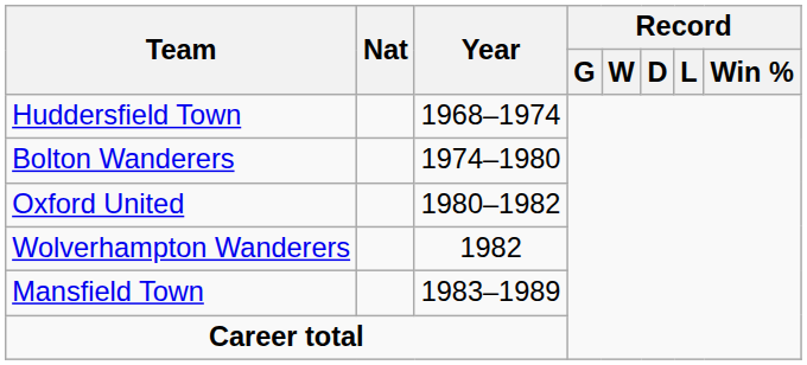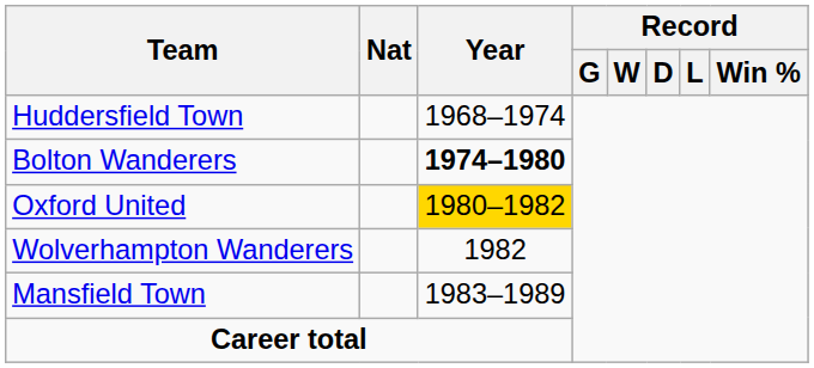 <table class="wikitable" style="text-align: center">
 <tr>
 <th rowspan="2">Team</th>
 <th rowspan="2">Nat</th>
 <th rowspan="2">Year</th>
 <th colspan="5">Record</th>
 </tr>
 <tr>
 <th>G</th>
 <th>W</th>
 <th>D</th>
 <th>L</th>
 <th>Win %</th>
 </tr>
 <tr>
 <td align="left"><a href='#'>Huddersfield Town</a></td>
 <td></td>
 <td>1968–1974<br></td>
 </tr>
 <tr>
 <td align="left"><a href='#'>Bolton Wanderers</a></td>
 <td></td>
-<td>1974–1980<br></td>
+<td><strong>1974–1980<br></strong></td>
 </tr>
 <tr>
 <td align="left"><a href='#'>Oxford United</a></td>
 <td></td>
-<td>1980–1982<br></td>
+<td style="background: gold;">1980–1982<br></td>
 </tr>
 <tr>
 <td align="left"><a href='#'>Wolverhampton Wanderers</a></td>
 <td></td>
 <td>1982<br></td>
 </tr>
 <tr>
 <td align="left"><a href='#'>Mansfield Town</a></td>
 <td></td>
 <td>1983–1989<br></td>
 </tr>
 <tr>
 <td colspan="3"><strong>Career total</strong><br></td>
 </tr>
 </table>
